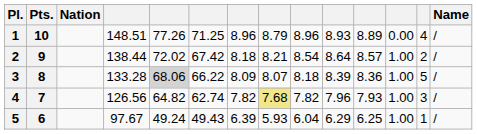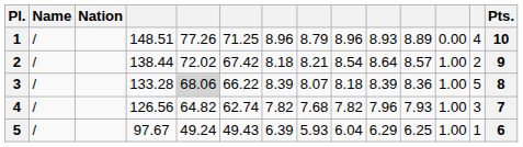 <table class="wikitable sortable" style="text-align:center">
 <tr>
 <th>Pl.</th>
-<th>Pts.</th>
+<th>Name</th>
 <th>Nation</th>
 <th></th>
 <th></th>
 <th></th>
 <th></th>
 <th></th>
 <th></th>
 <th></th>
 <th></th>
 <th></th>
 <th></th>
-<th>Name</th>
+<th>Pts.</th>
 </tr>
 <tr>
 <th>1</th>
-<th>10</th>
+<td align=left> / </td>
 <td align=left></td>
 <td>148.51</td>
 <td>77.26</td>
 <td>71.25</td>
 <td>8.96</td>
 <td>8.79</td>
 <td>8.96</td>
 <td>8.93</td>
 <td>8.89</td>
 <td>0.00</td>
 <td>4</td>
-<td align=left> / </td>
+<th>10</th>
 </tr>
 <tr>
 <th>2</th>
-<th>9</th>
+<td align=left> / </td>
 <td align=left></td>
 <td>138.44</td>
 <td>72.02</td>
 <td>67.42</td>
 <td>8.18</td>
 <td>8.21</td>
 <td>8.54</td>
 <td>8.64</td>
 <td>8.57</td>
 <td>1.00</td>
 <td>2</td>
-<td align=left> / </td>
+<th>9</th>
 </tr>
 <tr>
 <th>3</th>
-<th>8</th>
+<td align=left> / </td>
 <td align=left></td>
 <td>133.28</td>
 <td style="background: lightgrey;">68.06</td>
 <td>66.22</td>
-<td>8.09</td>
+<td>8.39</td>
 <td>8.07</td>
 <td>8.18</td>
 <td>8.39</td>
 <td>8.36</td>
 <td>1.00</td>
 <td>5</td>
-<td align=left> / </td>
+<th>8</th>
 </tr>
 <tr>
 <th>4</th>
-<th>7</th>
+<td align=left> / </td>
 <td align=left></td>
 <td>126.56</td>
 <td>64.82</td>
 <td>62.74</td>
 <td>7.82</td>
-<td style="background: khaki;">7.68</td>
+<td>7.68</td>
 <td>7.82</td>
 <td>7.96</td>
 <td>7.93</td>
 <td>1.00</td>
 <td>3</td>
-<td align=left> / </td>
+<th>7</th>
 </tr>
 <tr>
 <th>5</th>
-<th>6</th>
+<td align=left> / </td>
 <td align=left></td>
 <td>97.67</td>
 <td>49.24</td>
 <td>49.43</td>
 <td>6.39</td>
 <td>5.93</td>
 <td>6.04</td>
 <td>6.29</td>
 <td>6.25</td>
 <td>1.00</td>
 <td>1</td>
-<td align=left> / </td>
+<th>6</th>
 </tr>
 </table>
